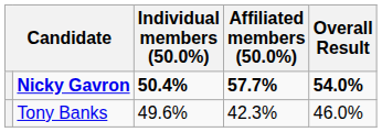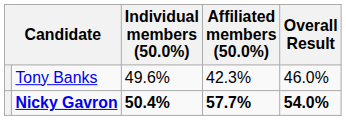 <table class="wikitable">
 <tr>
 <th colspan= 2>Candidate</th>
 <th>Individual <br> members <br> <strong>(50.0%)</strong></th>
 <th>Affiliated <br> members<br> <strong>(50.0%)</strong></th>
 <th>Overall <br> Result</th>
 </tr>
 <tr>
 <th style="background-color: "></th>
+<td><a href='#'>Tony Banks</a></td>
+<td>49.6%</td>
+<td>42.3%</td>
+<td>46.0%</td>
+</tr>
+<tr>
+<th style="background-color: "></th>
 <td><strong><a href='#'>Nicky Gavron</a></strong> </td>
 <td><strong>50.4%</strong></td>
 <td><strong>57.7%</strong></td>
 <td><strong>54.0%</strong></td>
 </tr>
-<tr>
-<th style="background-color: "></th>
-<td><a href='#'>Tony Banks</a></td>
-<td>49.6%</td>
-<td>42.3%</td>
-<td>46.0%</td>
-</tr>
 </table>
